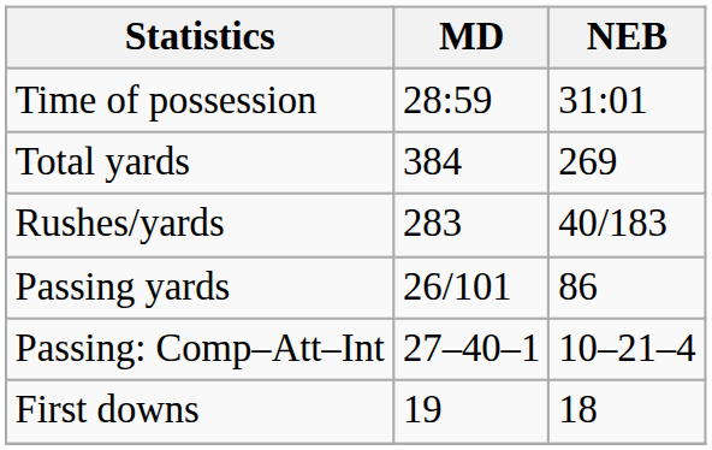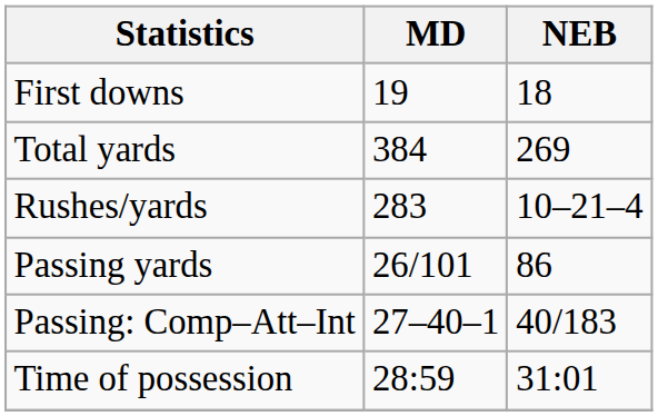 <table class="wikitable" style="float: left;">
 <tr>
 <th>Statistics</th>
 <th>MD</th>
 <th>NEB</th>
 </tr>
 <tr>
-<td>Time of possession</td>
-<td>28:59</td>
-<td>31:01</td>
+<td>First downs</td>
+<td>19</td>
+<td>18</td>
 </tr>
 <tr>
 <td>Total yards</td>
 <td>384</td>
 <td>269</td>
 </tr>
 <tr>
 <td>Rushes/yards</td>
 <td>283</td>
-<td>40/183</td>
+<td>10–21–4</td>
 </tr>
 <tr>
 <td>Passing yards</td>
 <td>26/101</td>
 <td>86</td>
 </tr>
 <tr>
 <td>Passing: Comp–Att–Int</td>
 <td>27–40–1</td>
-<td>10–21–4</td>
+<td>40/183</td>
 </tr>
 <tr>
-<td>First downs</td>
-<td>19</td>
-<td>18</td>
+<td>Time of possession</td>
+<td>28:59</td>
+<td>31:01</td>
 </tr>
 <tr>
 </tr>
 </table>
